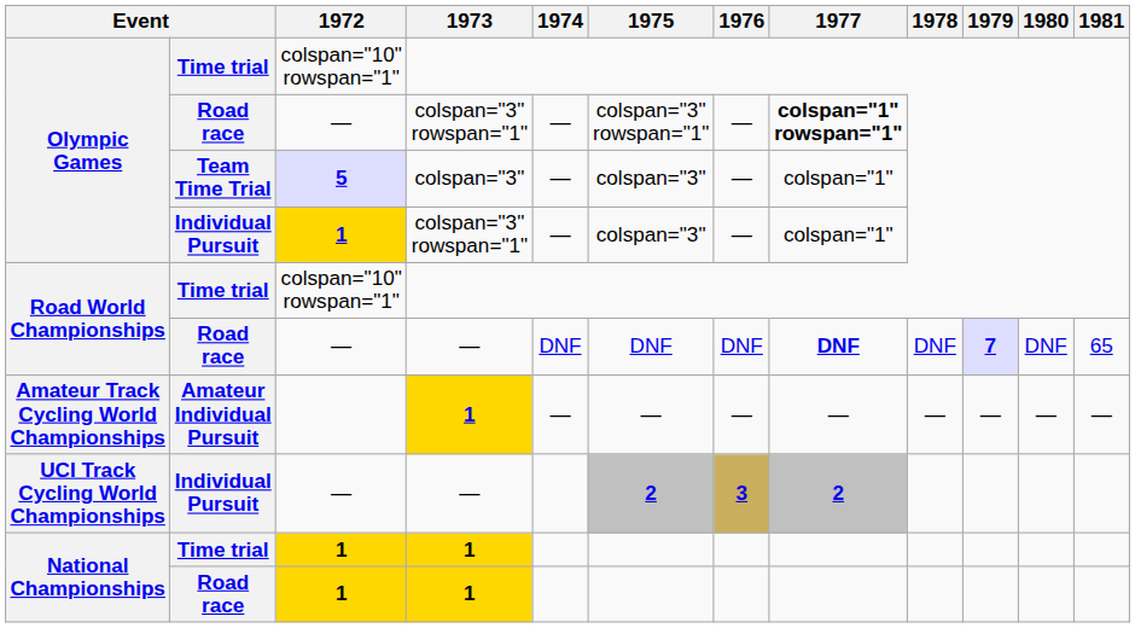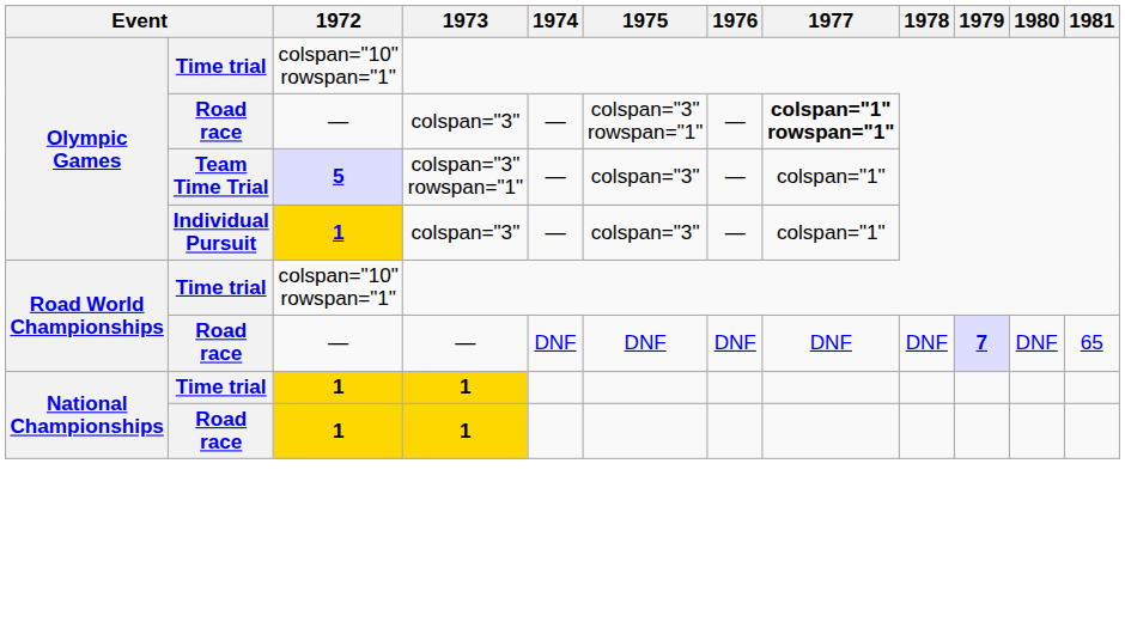 <table class="wikitable plainrowheaders">
 <tr>
 <th colspan="2" scope="col">Event</th>
 <th scope="col">1972</th>
 <th scope="col">1973</th>
 <th scope="col">1974</th>
 <th scope="col">1975</th>
 <th scope="col">1976</th>
 <th scope="col">1977</th>
 <th scope="col">1978</th>
 <th scope="col">1979</th>
 <th scope="col">1980</th>
 <th scope="col">1981</th>
 </tr>
 <tr style="text-align:center;">
 <th rowspan="4" scope="row"> <a href='#'>Olympic Games</a></th>
 <th scope="row"><a href='#'>Time trial</a></th>
 <td>colspan="10" rowspan="1" </td>
 </tr>
 <tr style="text-align:center;">
 <th scope="row"><a href='#'>Road race</a></th>
 <td>—</td>
-<td>colspan="3" rowspan="1" </td>
+<td>colspan="3" </td>
 <td>—</td>
 <td>colspan="3" rowspan="1" </td>
 <td>—</td>
 <td><strong>colspan="1" rowspan="1" </strong></td>
 </tr>
 <tr style="text-align:center;">
 <th scope="row"><a href='#'>Team Time Trial</a></th>
 <th style="background:#ddf;"><a href='#'>5</a></th>
-<td>colspan="3" </td>
+<td>colspan="3" rowspan="1" </td>
 <td>—</td>
 <td>colspan="3" </td>
 <td>—</td>
 <td>colspan="1" </td>
 </tr>
 <tr style="text-align:center;">
 <th scope="row"><a href='#'>Individual Pursuit</a></th>
 <th style="background:gold;"><a href='#'><strong>1</strong></a></th>
-<td>colspan="3" rowspan="1" </td>
+<td>colspan="3" </td>
 <td>—</td>
 <td>colspan="3" </td>
 <td>—</td>
 <td>colspan="1" </td>
 </tr>
 <tr style="text-align:center;">
 <th rowspan="2" scope="row"> <a href='#'>Road World Championships</a></th>
 <th scope="row"><a href='#'>Time trial</a></th>
 <td>colspan="10" rowspan="1" </td>
 </tr>
 <tr style="text-align:center;">
 <th scope="row"><a href='#'>Road race</a></th>
 <td>—</td>
 <td>—</td>
 <td><a href='#'>DNF</a></td>
 <td><a href='#'>DNF</a></td>
 <td><a href='#'>DNF</a></td>
-<td><strong><a href='#'>DNF</a></strong></td>
+<td><a href='#'>DNF</a></td>
 <td><a href='#'>DNF</a></td>
 <th style="background:#ddf;"><a href='#'>7</a></th>
 <td><a href='#'>DNF</a></td>
 <td><a href='#'>65</a></td>
-</tr>
-<tr style="text-align:center;">
-<th rowspan="1" scope="row"> <a href='#'>Amateur Track Cycling World Championships</a></th>
-<th scope="row"><a href='#'>Amateur Individual Pursuit</a></th>
-<td></td>
-<th style="background:gold;"><a href='#'><strong>1</strong></a></th>
-<td>—</td>
-<td>—</td>
-<td>—</td>
-<td>—</td>
-<td>—</td>
-<td>—</td>
-<td>—</td>
-<td>—</td>
-</tr>
-<tr style="text-align:center;">
-<th rowspan="1" scope="row"> <a href='#'>UCI Track Cycling World Championships</a></th>
-<th scope="row"><a href='#'>Individual Pursuit</a></th>
-<td>—</td>
-<td>—</td>
-<td></td>
-<td style="background:#C0C0C0;"><a href='#'><strong>2</strong></a></td>
-<td style="background:#C9AE5D;"><a href='#'><strong>3</strong></a></td>
-<td style="background:#C0C0C0;"><a href='#'><strong>2</strong></a></td>
-<td></td>
-<td></td>
-<td></td>
-<td></td>
 </tr>
 <tr style="text-align:center;">
 <th rowspan="2" scope="row"> <a href='#'>National Championships</a></th>
 <th scope="row"><a href='#'>Time trial</a></th>
 <th style="background:gold;">1</th>
 <th style="background:gold;">1</th>
 <td></td>
 <td></td>
 <td></td>
 <td></td>
 <td></td>
 <td></td>
 <td></td>
 <td></td>
 </tr>
 <tr style="text-align:center;">
 <th scope="row"><a href='#'>Road race</a></th>
 <th style="background:gold;">1</th>
 <th style="background:gold;">1</th>
 <td></td>
 <td></td>
 <td></td>
 <td></td>
 <td></td>
 <td></td>
 <td></td>
 <td></td>
 </tr>
 </table>
